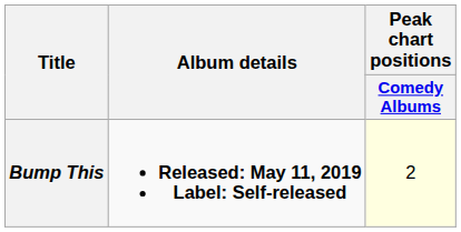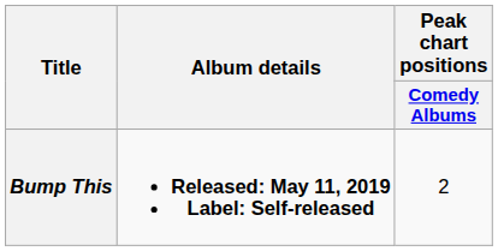 <table class="wikitable plainrowheaders" style="text-align: center;">
 <tr>
 <th scope="col" rowspan="2">Title</th>
 <th scope="col" rowspan="2">Album details</th>
 <th scope="col" colspan="1">Peak chart positions</th>
 </tr>
 <tr>
 <th scope="col" style="width: 2.5em; font-size: 90%;"><a href='#'>Comedy Albums</a><br></th>
 </tr>
 <tr>
 <th scope="row"><em>Bump This</em></th>
 <td><strong><br><ul><li>Released: May 11, 2019</li><li>Label: Self-released</li></ul></strong></td>
-<td style="background: lightyellow;">2</td>
+<td>2</td>
 </tr>
 </table>
